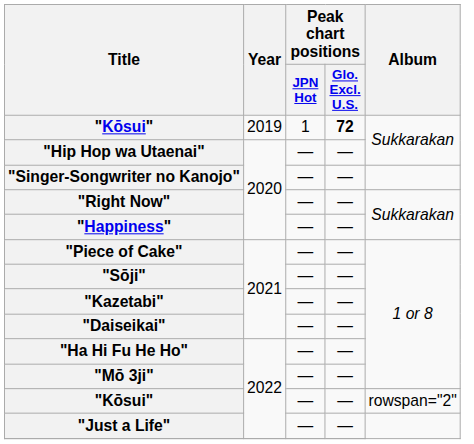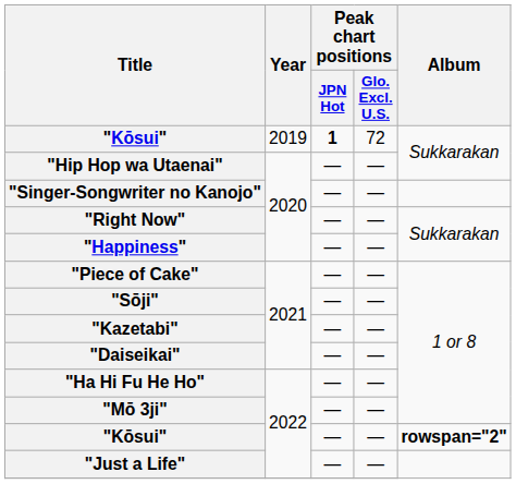 <table class="wikitable plainrowheaders" style="text-align:center;">
 <tr>
 <th scope="col" rowspan="2">Title</th>
 <th scope="col" rowspan="2">Year</th>
 <th colspan="2">Peak chart positions</th>
 <th scope="col" rowspan="2">Album</th>
 </tr>
 <tr>
 <th scope="col" style="width:2.5em;font-size:85%;"><a href='#'>JPN<br>Hot</a></th>
 <th scope="col" style="width:2.5em;font-size:85%;"><a href='#'>Glo.<br>Excl.<br>U.S.</a><br></th>
 </tr>
 <tr>
 <th scope="row">"<a href='#'>Kōsui</a>"</th>
 <td rowspan="1">2019</td>
-<td>1</td>
-<td><strong>72</strong></td>
+<td><strong>1</strong></td>
+<td>72</td>
 <td rowspan="2"><em>Sukkarakan</em></td>
 </tr>
 <tr>
 <th scope="row">"Hip Hop wa Utaenai"</th>
 <td rowspan="4">2020</td>
 <td>—</td>
 <td>—</td>
 </tr>
 <tr>
 <th scope="row">"Singer-Songwriter no Kanojo"</th>
 <td>—</td>
 <td>—</td>
 <td></td>
 </tr>
 <tr>
 <th scope="row">"Right Now"</th>
 <td>—</td>
 <td>—</td>
 <td rowspan="2"><em>Sukkarakan</em></td>
 </tr>
 <tr>
 <th scope="row">"<a href='#'>Happiness</a>"</th>
 <td>—</td>
 <td>—</td>
 </tr>
 <tr>
 <th scope="row">"Piece of Cake"</th>
 <td rowspan="4">2021</td>
 <td>—</td>
 <td>—</td>
 <td rowspan="6"><em>1 or 8</em></td>
 </tr>
 <tr>
 <th scope="row">"Sōji"</th>
 <td>—</td>
 <td>—</td>
 </tr>
 <tr>
 <th scope="row">"Kazetabi"</th>
 <td>—</td>
 <td>—</td>
 </tr>
 <tr>
 <th scope="row">"Daiseikai"</th>
 <td>—</td>
 <td>—</td>
 </tr>
 <tr>
 <th scope="row">"Ha Hi Fu He Ho"</th>
 <td rowspan="4">2022</td>
 <td>—</td>
 <td>—</td>
 </tr>
 <tr>
 <th scope="row">"Mō 3ji"</th>
 <td>—</td>
 <td>—</td>
 </tr>
 <tr>
 <th scope="row">"Kōsui" </th>
 <td>—</td>
 <td>—</td>
-<td>rowspan="2" </td>
+<td><strong>rowspan="2" </strong></td>
 </tr>
 <tr>
 <th scope="row">"Just a Life" </th>
 <td>—</td>
 <td>—</td>
 </tr>
 <tr>
 </tr>
 </table>
